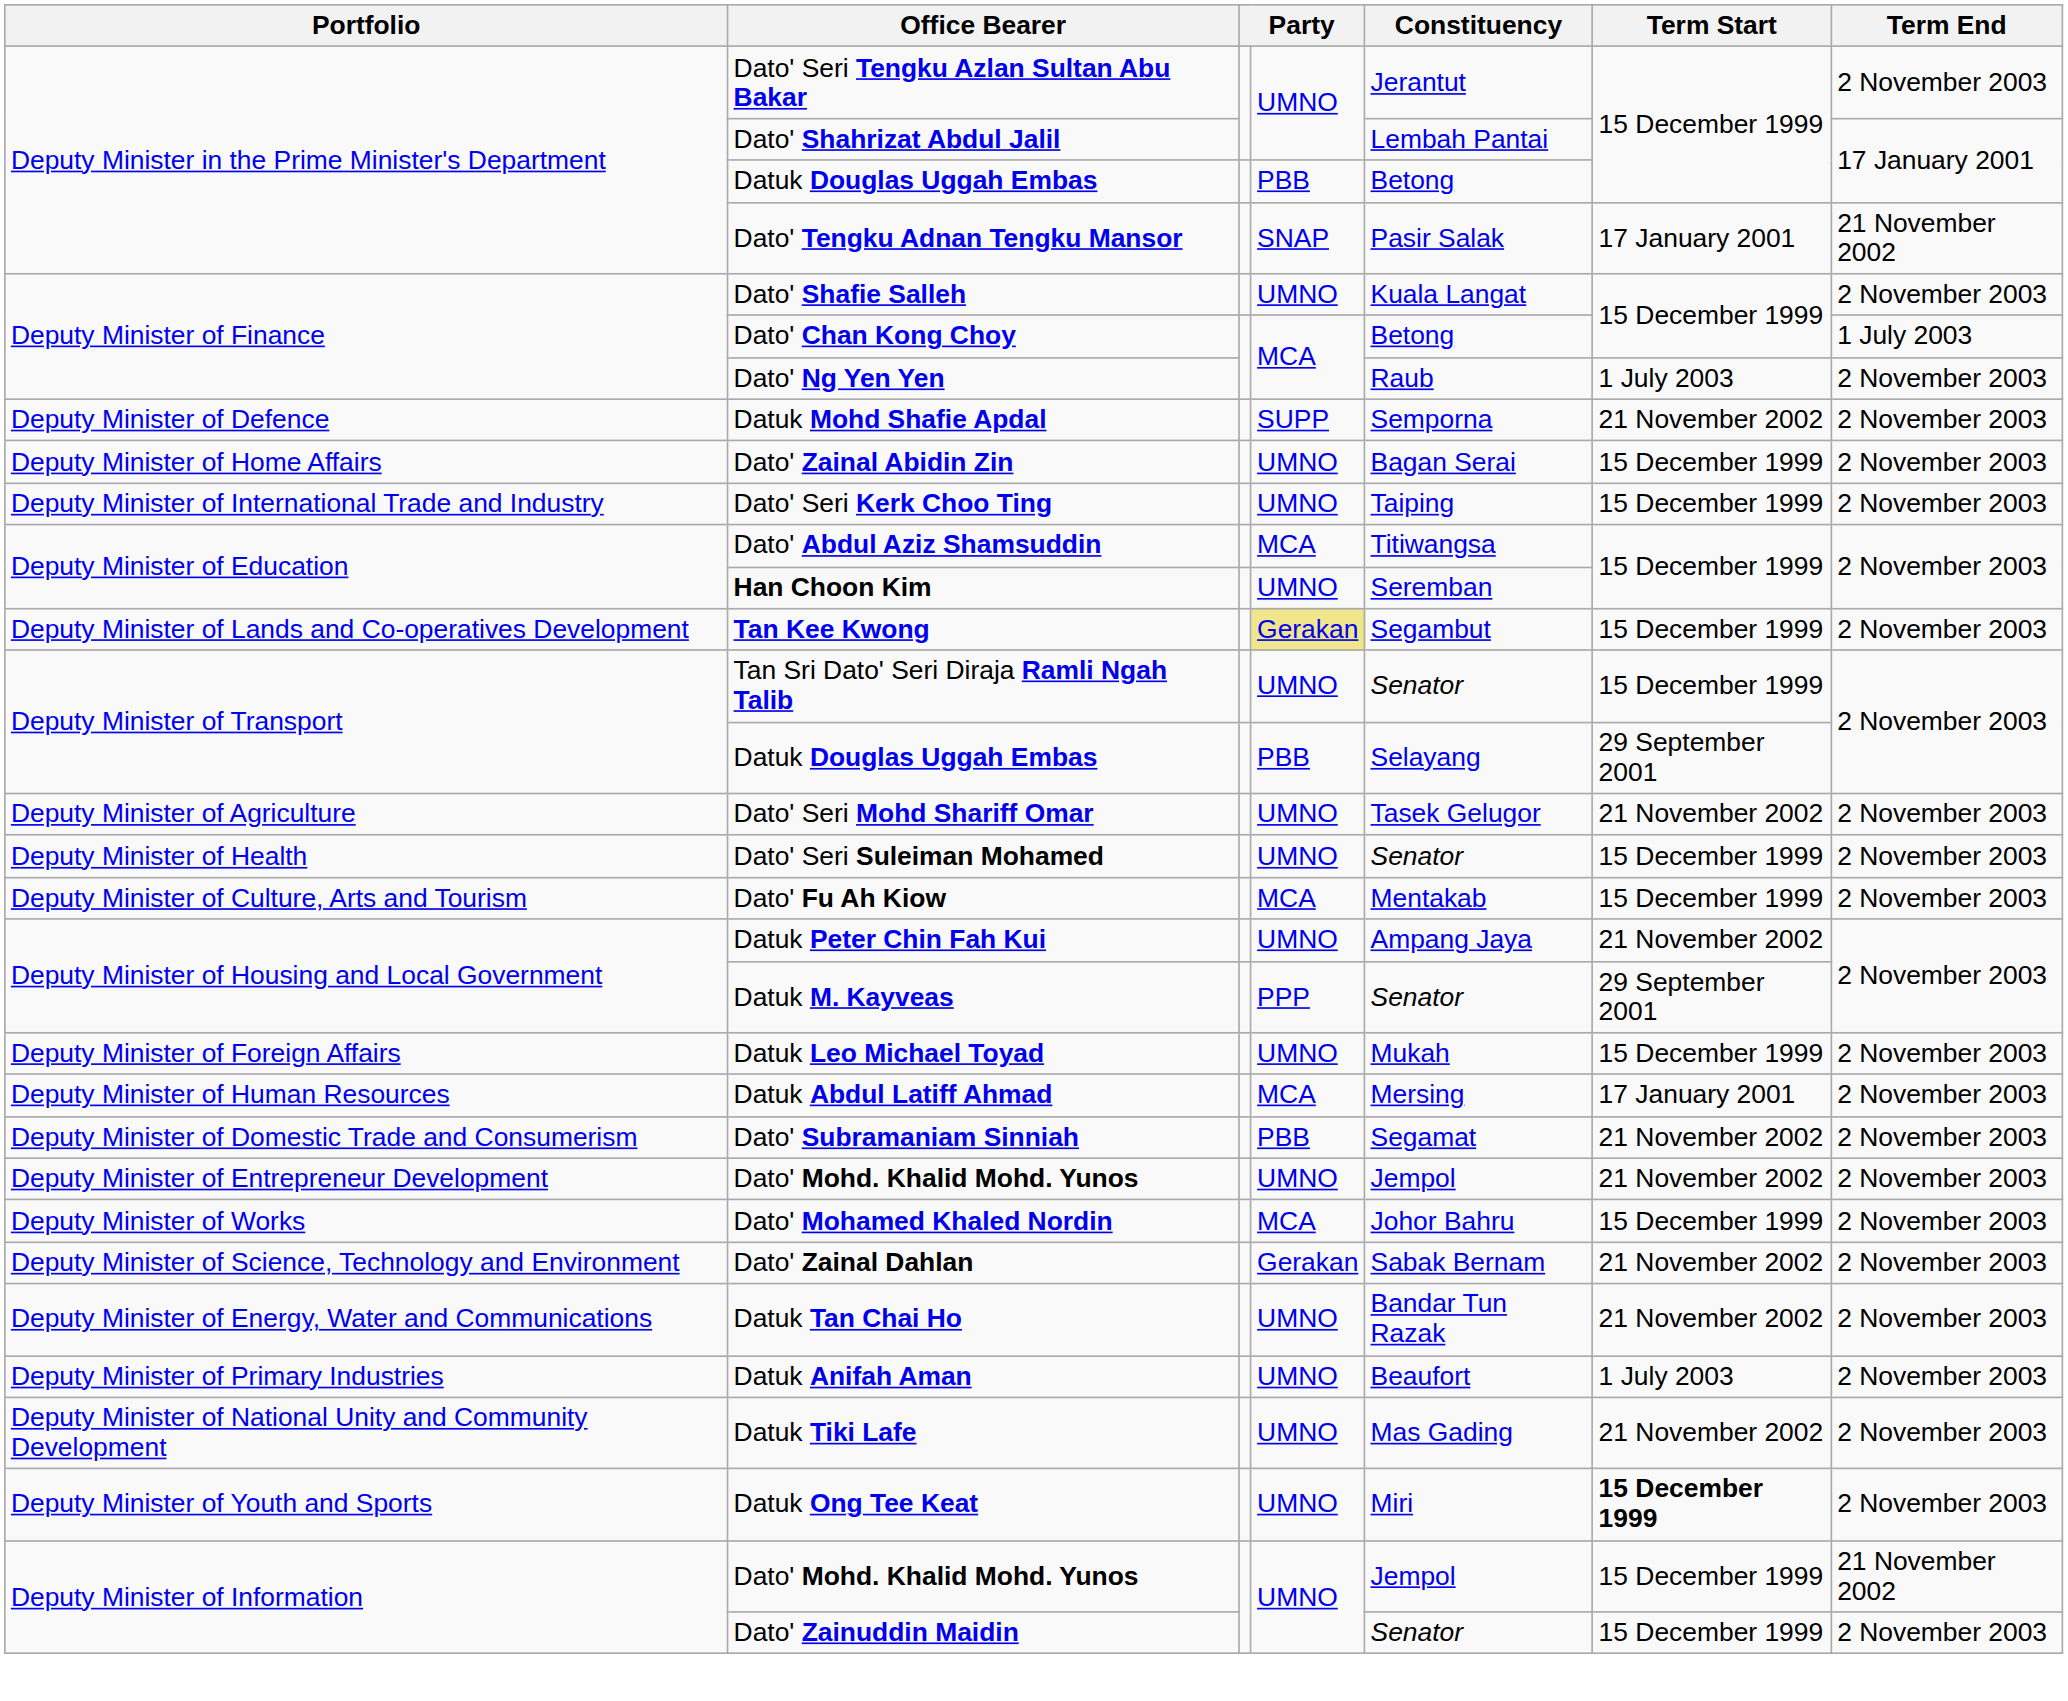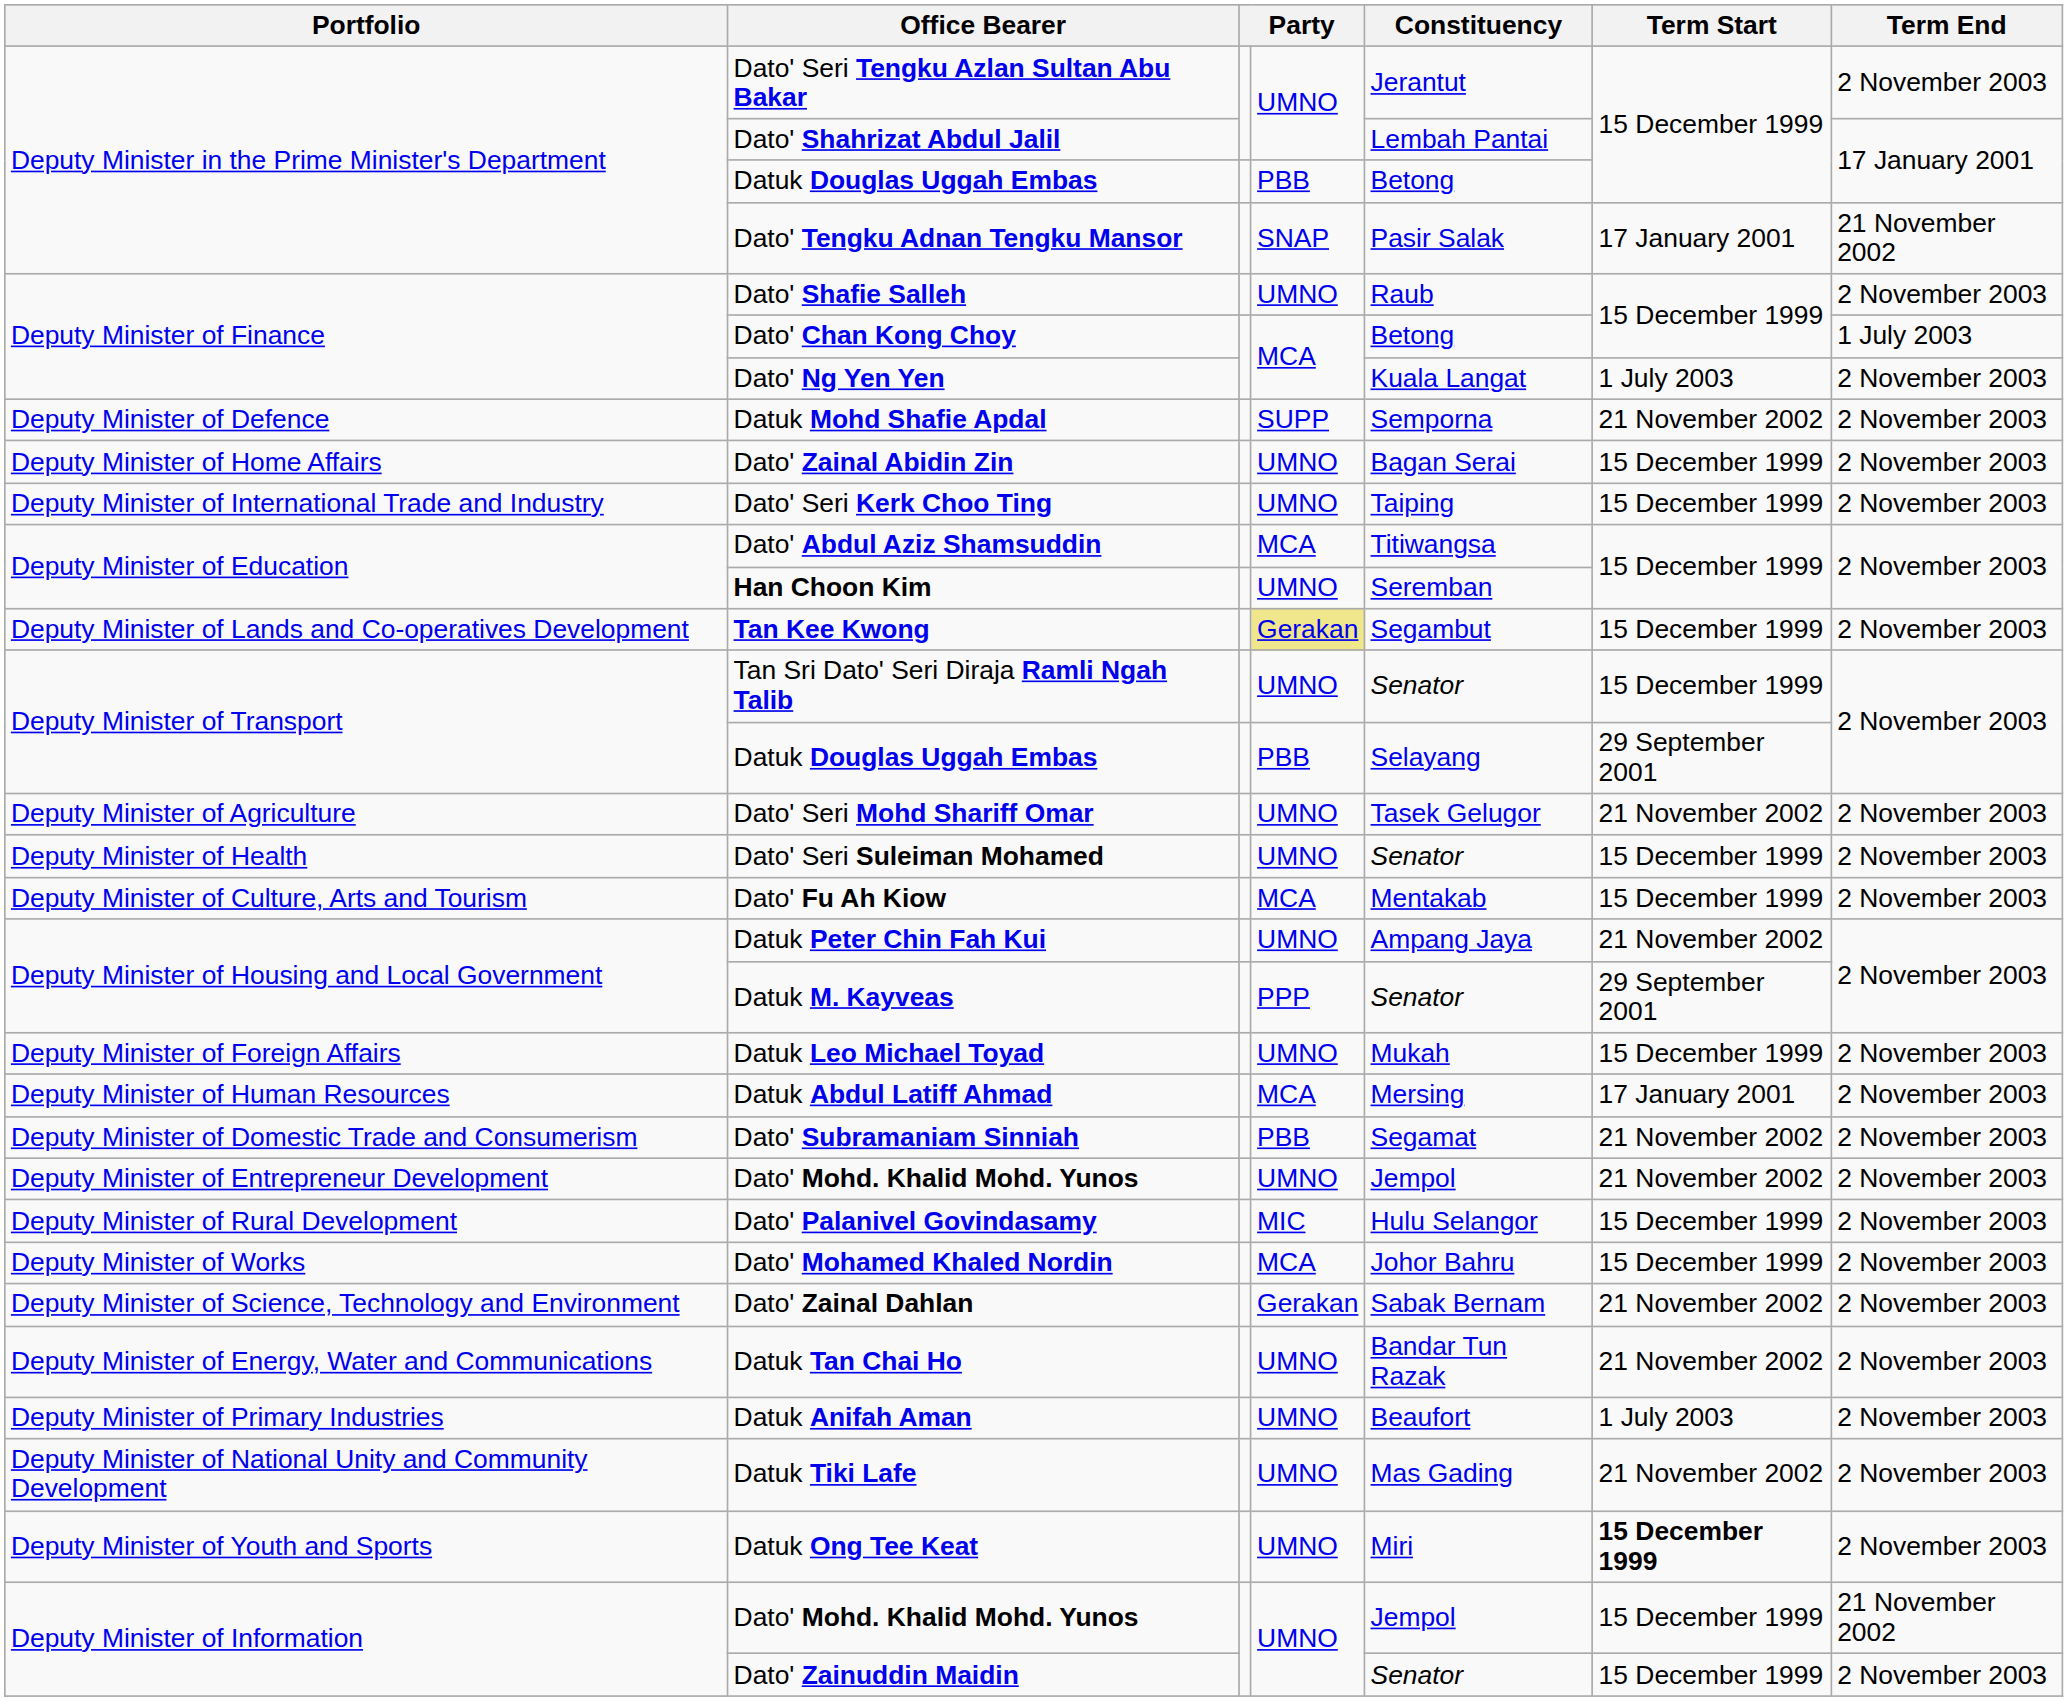 <table class="sortable wikitable">
 <tr>
 <th>Portfolio</th>
 <th>Office Bearer</th>
 <th colspan=2>Party</th>
 <th>Constituency</th>
 <th>Term Start</th>
 <th>Term End</th>
 </tr>
 <tr>
 <td rowspan="4"><a href='#'>Deputy Minister in the Prime Minister's Department</a></td>
 <td>Dato' Seri <strong><a href='#'>Tengku Azlan Sultan Abu Bakar</a></strong> </td>
 <td rowspan=2></td>
 <td rowspan=2><a href='#'>UMNO</a></td>
 <td><a href='#'>Jerantut</a></td>
 <td rowspan=3>15 December 1999</td>
 <td>2 November 2003</td>
 </tr>
 <tr>
 <td>Dato' <strong><a href='#'>Shahrizat Abdul Jalil</a></strong> </td>
 <td><a href='#'>Lembah Pantai</a></td>
 <td rowspan=2>17 January 2001</td>
 </tr>
 <tr>
 <td>Datuk <strong><a href='#'>Douglas Uggah Embas</a></strong> </td>
 <td rowspan=1></td>
 <td><a href='#'>PBB</a></td>
 <td><a href='#'>Betong</a></td>
 </tr>
 <tr>
 <td>Dato' <strong><a href='#'>Tengku Adnan Tengku Mansor</a></strong></td>
 <td rowspan=1></td>
 <td><a href='#'>SNAP</a></td>
 <td><a href='#'>Pasir Salak</a></td>
 <td>17 January 2001</td>
 <td>21 November 2002</td>
 </tr>
 <tr>
 <td rowspan="3"><a href='#'>Deputy Minister of Finance</a></td>
 <td>Dato' <strong><a href='#'>Shafie Salleh</a></strong> </td>
 <td rowspan=1></td>
 <td><a href='#'>UMNO</a></td>
-<td><a href='#'>Kuala Langat</a></td>
+<td><a href='#'>Raub</a></td>
 <td rowspan=2>15 December 1999</td>
 <td>2 November 2003</td>
 </tr>
 <tr>
 <td>Dato' <strong><a href='#'>Chan Kong Choy</a></strong> </td>
 <td rowspan=2></td>
 <td rowspan=2><a href='#'>MCA</a></td>
 <td><a href='#'>Betong</a></td>
 <td>1 July 2003</td>
 </tr>
 <tr>
 <td>Dato' <strong><a href='#'>Ng Yen Yen</a></strong> </td>
-<td><a href='#'>Raub</a></td>
+<td><a href='#'>Kuala Langat</a></td>
 <td>1 July 2003</td>
 <td>2 November 2003</td>
 </tr>
 <tr>
 <td><a href='#'>Deputy Minister of Defence</a></td>
 <td>Datuk <strong><a href='#'>Mohd Shafie Apdal</a></strong> </td>
 <td rowspan=1></td>
 <td><a href='#'>SUPP</a></td>
 <td><a href='#'>Semporna</a></td>
 <td>21 November 2002</td>
 <td>2 November 2003</td>
 </tr>
 <tr>
 <td><a href='#'>Deputy Minister of Home Affairs</a></td>
 <td>Dato' <strong><a href='#'>Zainal Abidin Zin</a></strong> </td>
 <td rowspan=1></td>
 <td><a href='#'>UMNO</a></td>
 <td><a href='#'>Bagan Serai</a></td>
 <td>15 December 1999</td>
 <td>2 November 2003</td>
 </tr>
 <tr>
 <td><a href='#'>Deputy Minister of International Trade and Industry</a></td>
 <td>Dato' Seri <strong><a href='#'>Kerk Choo Ting</a></strong> </td>
 <td rowspan=1></td>
 <td><a href='#'>UMNO</a></td>
 <td><a href='#'>Taiping</a></td>
 <td>15 December 1999</td>
 <td>2 November 2003</td>
 </tr>
 <tr>
 <td rowspan="2"><a href='#'>Deputy Minister of Education</a></td>
 <td>Dato' <strong><a href='#'>Abdul Aziz Shamsuddin</a></strong> </td>
 <td rowspan=1></td>
 <td><a href='#'>MCA</a></td>
 <td><a href='#'>Titiwangsa</a></td>
 <td rowspan=2>15 December 1999</td>
 <td rowspan=2>2 November 2003</td>
 </tr>
 <tr>
 <td><strong>Han Choon Kim</strong> </td>
 <td rowspan=1></td>
 <td><a href='#'>UMNO</a></td>
 <td><a href='#'>Seremban</a></td>
 </tr>
 <tr>
 <td><a href='#'>Deputy Minister of Lands and Co-operatives Development</a></td>
 <td><strong><a href='#'>Tan Kee Kwong</a></strong> </td>
 <td rowspan=1></td>
 <td style="background: khaki;"><a href='#'>Gerakan</a></td>
 <td><a href='#'>Segambut</a></td>
 <td>15 December 1999</td>
 <td>2 November 2003</td>
 </tr>
 <tr>
 <td rowspan=2><a href='#'>Deputy Minister of Transport</a></td>
 <td>Tan Sri Dato' Seri Diraja <strong><a href='#'>Ramli Ngah Talib</a></strong> </td>
 <td rowspan=1></td>
 <td><a href='#'>UMNO</a></td>
 <td><em>Senator</em></td>
 <td>15 December 1999</td>
 <td rowspan=2>2 November 2003</td>
 </tr>
 <tr>
 <td>Datuk <strong><a href='#'>Douglas Uggah Embas</a></strong> </td>
 <td rowspan=1></td>
 <td><a href='#'>PBB</a></td>
 <td><a href='#'>Selayang</a></td>
 <td>29 September 2001</td>
 </tr>
 <tr>
 <td><a href='#'>Deputy Minister of Agriculture</a></td>
 <td>Dato' Seri <strong><a href='#'>Mohd Shariff Omar</a></strong> </td>
 <td rowspan=1></td>
 <td><a href='#'>UMNO</a></td>
 <td><a href='#'>Tasek Gelugor</a></td>
 <td>21 November 2002</td>
 <td>2 November 2003</td>
 </tr>
 <tr>
 <td><a href='#'>Deputy Minister of Health</a></td>
 <td>Dato' Seri <strong>Suleiman Mohamed</strong> </td>
 <td rowspan=1></td>
 <td><a href='#'>UMNO</a></td>
 <td><em>Senator</em></td>
 <td>15 December 1999</td>
 <td>2 November 2003</td>
 </tr>
 <tr>
 <td><a href='#'>Deputy Minister of Culture, Arts and Tourism</a></td>
 <td>Dato' <strong>Fu Ah Kiow</strong> </td>
 <td rowspan=1></td>
 <td><a href='#'>MCA</a></td>
 <td><a href='#'>Mentakab</a></td>
 <td>15 December 1999</td>
 <td>2 November 2003</td>
 </tr>
 <tr>
 <td rowspan=2><a href='#'>Deputy Minister of Housing and Local Government</a></td>
 <td>Datuk <strong><a href='#'>Peter Chin Fah Kui</a></strong> </td>
 <td rowspan=1></td>
 <td><a href='#'>UMNO</a></td>
 <td><a href='#'>Ampang Jaya</a></td>
 <td>21 November 2002</td>
 <td rowspan=2>2 November 2003</td>
 </tr>
 <tr>
 <td>Datuk <strong><a href='#'>M. Kayveas</a></strong></td>
 <td rowspan=1></td>
 <td><a href='#'>PPP</a></td>
 <td><em>Senator</em></td>
 <td>29 September 2001</td>
 </tr>
 <tr>
 <td><a href='#'>Deputy Minister of Foreign Affairs</a></td>
 <td>Datuk <strong><a href='#'>Leo Michael Toyad</a></strong> </td>
 <td rowspan=1></td>
 <td><a href='#'>UMNO</a></td>
 <td><a href='#'>Mukah</a></td>
 <td>15 December 1999</td>
 <td>2 November 2003</td>
 </tr>
 <tr>
 <td><a href='#'>Deputy Minister of Human Resources</a></td>
 <td>Datuk <strong><a href='#'>Abdul Latiff Ahmad</a></strong> </td>
 <td rowspan=1></td>
 <td><a href='#'>MCA</a></td>
 <td><a href='#'>Mersing</a></td>
 <td>17 January 2001</td>
 <td>2 November 2003</td>
 </tr>
 <tr>
 <td><a href='#'>Deputy Minister of Domestic Trade and Consumerism</a></td>
 <td>Dato' <strong><a href='#'>Subramaniam Sinniah</a></strong> </td>
 <td rowspan=1></td>
 <td><a href='#'>PBB</a></td>
 <td><a href='#'>Segamat</a></td>
 <td>21 November 2002</td>
 <td>2 November 2003</td>
 </tr>
 <tr>
 <td><a href='#'>Deputy Minister of Entrepreneur Development</a></td>
 <td>Dato' <strong>Mohd. Khalid Mohd. Yunos</strong> </td>
 <td rowspan=1></td>
 <td><a href='#'>UMNO</a></td>
 <td><a href='#'>Jempol</a></td>
 <td>21 November 2002</td>
 <td>2 November 2003</td>
 </tr>
 <tr>
+<td><a href='#'>Deputy Minister of Rural Development</a></td>
+<td>Dato' <strong><a href='#'>Palanivel Govindasamy</a></strong> </td>
+<td rowspan=1></td>
+<td><a href='#'>MIC</a></td>
+<td><a href='#'>Hulu Selangor</a></td>
+<td>15 December 1999</td>
+<td>2 November 2003</td>
+</tr>
+<tr>
 <td><a href='#'>Deputy Minister of Works</a></td>
 <td>Dato' <strong><a href='#'>Mohamed Khaled Nordin</a></strong> </td>
 <td rowspan=1></td>
 <td><a href='#'>MCA</a></td>
 <td><a href='#'>Johor Bahru</a></td>
 <td>15 December 1999</td>
 <td>2 November 2003</td>
 </tr>
 <tr>
 <td><a href='#'>Deputy Minister of Science, Technology and Environment</a></td>
 <td>Dato' <strong>Zainal Dahlan</strong> </td>
 <td rowspan=1></td>
 <td><a href='#'>Gerakan</a></td>
 <td><a href='#'>Sabak Bernam</a></td>
 <td>21 November 2002</td>
 <td>2 November 2003</td>
 </tr>
 <tr>
 <td><a href='#'>Deputy Minister of Energy, Water and Communications</a></td>
 <td>Datuk <strong><a href='#'>Tan Chai Ho</a></strong> </td>
 <td rowspan=1></td>
 <td><a href='#'>UMNO</a></td>
 <td><a href='#'>Bandar Tun Razak</a></td>
 <td>21 November 2002</td>
 <td>2 November 2003</td>
 </tr>
 <tr>
 <td><a href='#'>Deputy Minister of Primary Industries</a></td>
 <td>Datuk <strong><a href='#'>Anifah Aman</a></strong> </td>
 <td rowspan=1></td>
 <td><a href='#'>UMNO</a></td>
 <td><a href='#'>Beaufort</a></td>
 <td>1 July 2003</td>
 <td>2 November 2003</td>
 </tr>
 <tr>
 <td><a href='#'>Deputy Minister of National Unity and Community Development</a></td>
 <td>Datuk <strong><a href='#'>Tiki Lafe</a></strong> </td>
 <td rowspan=1></td>
 <td><a href='#'>UMNO</a></td>
 <td><a href='#'>Mas Gading</a></td>
 <td>21 November 2002</td>
 <td>2 November 2003</td>
 </tr>
 <tr>
 <td><a href='#'>Deputy Minister of Youth and Sports</a></td>
 <td>Datuk <strong><a href='#'>Ong Tee Keat</a></strong> </td>
 <td rowspan=1></td>
 <td><a href='#'>UMNO</a></td>
 <td><a href='#'>Miri</a></td>
 <td><strong>15 December 1999</strong></td>
 <td>2 November 2003</td>
 </tr>
 <tr>
 <td rowspan=2><a href='#'>Deputy Minister of Information</a></td>
 <td>Dato' <strong>Mohd. Khalid Mohd. Yunos</strong> </td>
 <td rowspan=2></td>
 <td rowspan=2><a href='#'>UMNO</a></td>
 <td><a href='#'>Jempol</a></td>
 <td>15 December 1999</td>
 <td>21 November 2002</td>
 </tr>
 <tr>
 <td>Dato' <strong><a href='#'>Zainuddin Maidin</a></strong></td>
 <td><em>Senator</em></td>
 <td>15 December 1999</td>
 <td>2 November 2003</td>
 </tr>
 </table>
